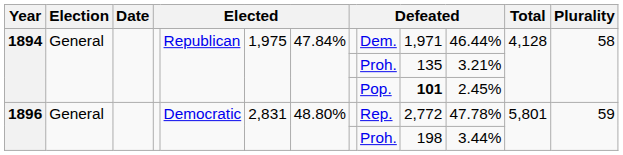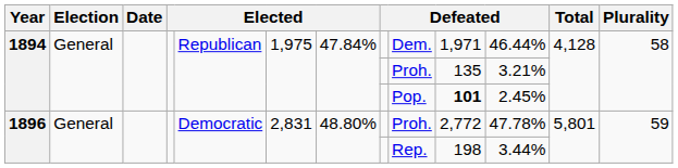 <table class=wikitable>
 <tr>
 <th>Year</th>
 <th>Election</th>
 <th>Date</th>
 <th ! colspan="4">Elected</th>
 <th ! colspan="4">Defeated</th>
 <th>Total</th>
 <th>Plurality</th>
 </tr>
 <tr>
 <th rowspan="3" valign="top">1894</th>
 <td rowspan="3" valign="top">General</td>
 <td rowspan="3" valign="top"></td>
 <td rowspan="3" valign="top"></td>
 <td rowspan="3" valign="top" ><a href='#'>Republican</a></td>
 <td rowspan="3" valign="top" align="right">1,975</td>
 <td rowspan="3" valign="top" align="right">47.84%</td>
 <td valign="top"></td>
 <td valign="top" ><a href='#'>Dem.</a></td>
 <td valign="top" align="right">1,971</td>
 <td valign="top" align="right">46.44%</td>
 <td rowspan="3" valign="top" align="right">4,128</td>
 <td rowspan="3" valign="top" align="right">58</td>
 </tr>
 <tr>
 <td valign="top"></td>
 <td valign="top" ><a href='#'>Proh.</a></td>
 <td valign="top" align="right">135</td>
 <td valign="top" align="right">3.21%</td>
 </tr>
 <tr>
 <td valign="top"></td>
 <td valign="top" ><a href='#'>Pop.</a></td>
 <td valign="top" align="right"><strong>101</strong></td>
 <td valign="top" align="right">2.45%</td>
 </tr>
 <tr>
 <th rowspan="2" valign="top">1896</th>
 <td rowspan="2" valign="top">General</td>
 <td rowspan="2" valign="top"></td>
 <td rowspan="2" valign="top"></td>
 <td rowspan="2" valign="top" ><a href='#'>Democratic</a></td>
 <td rowspan="2" valign="top" align="right">2,831</td>
 <td rowspan="2" valign="top" align="right">48.80%</td>
 <td valign="top"></td>
-<td valign="top" ><a href='#'>Rep.</a></td>
+<td valign="top" ><a href='#'>Proh.</a></td>
 <td valign="top" align="right">2,772</td>
 <td valign="top" align="right">47.78%</td>
 <td rowspan="2" valign="top" align="right">5,801</td>
 <td rowspan="2" valign="top" align="right">59</td>
 </tr>
 <tr>
 <td valign="top"></td>
-<td valign="top" ><a href='#'>Proh.</a></td>
+<td valign="top" ><a href='#'>Rep.</a></td>
 <td valign="top" align="right">198</td>
 <td valign="top" align="right">3.44%</td>
 </tr>
 </table>
